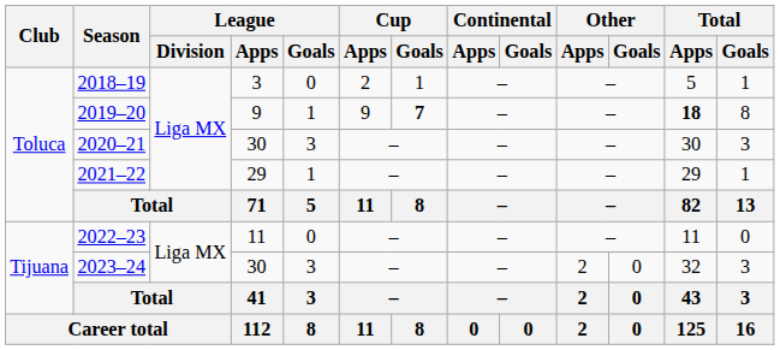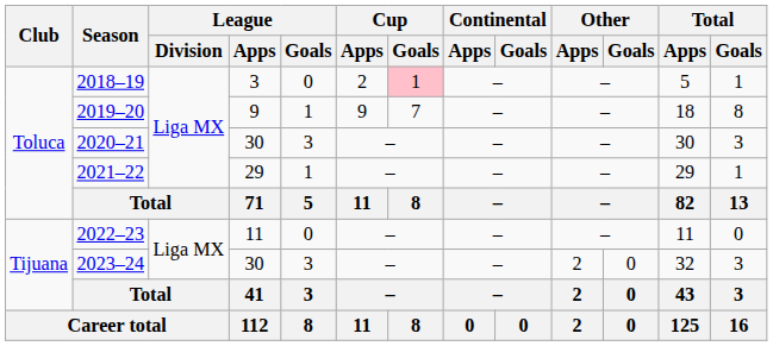 <table class="wikitable" style="text-align: center">
 <tr>
 <th rowspan="2">Club</th>
 <th rowspan="2">Season</th>
 <th colspan="3">League</th>
 <th colspan="2">Cup</th>
 <th colspan="2">Continental</th>
 <th colspan="2">Other</th>
 <th colspan="2">Total</th>
 </tr>
 <tr>
 <th>Division</th>
 <th>Apps</th>
 <th>Goals</th>
 <th>Apps</th>
 <th>Goals</th>
 <th>Apps</th>
 <th>Goals</th>
 <th>Apps</th>
 <th>Goals</th>
 <th>Apps</th>
 <th>Goals</th>
 </tr>
 <tr>
 <td rowspan="5"><a href='#'>Toluca</a></td>
 <td><a href='#'>2018–19</a></td>
 <td rowspan="4"><a href='#'>Liga MX</a></td>
 <td>3</td>
 <td>0</td>
 <td>2</td>
-<td>1</td>
+<td style="background: pink;">1</td>
 <td colspan="2">–</td>
 <td colspan=2>–</td>
 <td>5</td>
 <td>1</td>
 </tr>
 <tr>
 <td><a href='#'>2019–20</a></td>
 <td>9</td>
 <td>1</td>
 <td>9</td>
-<td><strong>7</strong></td>
+<td>7</td>
 <td colspan=2>–</td>
 <td colspan=2>–</td>
-<td><strong>18</strong></td>
+<td>18</td>
 <td>8</td>
 </tr>
 <tr>
 <td><a href='#'>2020–21</a></td>
 <td>30</td>
 <td>3</td>
 <td colspan=2>–</td>
 <td colspan=2>–</td>
 <td colspan=2>–</td>
 <td>30</td>
 <td>3</td>
 </tr>
 <tr>
 <td><a href='#'>2021–22</a></td>
 <td>29</td>
 <td>1</td>
 <td colspan=2>–</td>
 <td colspan=2>–</td>
 <td colspan=2>–</td>
 <td>29</td>
 <td>1</td>
 </tr>
 <tr>
 <th colspan="2">Total</th>
 <th>71</th>
 <th>5</th>
 <th>11</th>
 <th>8</th>
 <th colspan=2>–</th>
 <th colspan=2>–</th>
 <th>82</th>
 <th>13</th>
 </tr>
 <tr>
 <td rowspan="3"><a href='#'>Tijuana</a></td>
 <td><a href='#'>2022–23</a></td>
 <td rowspan="2">Liga MX</td>
 <td>11</td>
 <td>0</td>
 <td colspan="2">–</td>
 <td colspan="2">–</td>
 <td colspan=2>–</td>
 <td>11</td>
 <td>0</td>
 </tr>
 <tr>
 <td><a href='#'>2023–24</a></td>
 <td>30</td>
 <td>3</td>
 <td colspan=2>–</td>
 <td colspan=2>–</td>
 <td>2</td>
 <td>0</td>
 <td>32</td>
 <td>3</td>
 </tr>
 <tr>
 <th colspan="2">Total</th>
 <th>41</th>
 <th>3</th>
 <th colspan=2>–</th>
 <th colspan=2>–</th>
 <th>2</th>
 <th>0</th>
 <th>43</th>
 <th>3</th>
 </tr>
 <tr>
 <th colspan="3"><strong>Career total</strong></th>
 <th>112</th>
 <th>8</th>
 <th>11</th>
 <th>8</th>
 <th>0</th>
 <th>0</th>
 <th>2</th>
 <th>0</th>
 <th>125</th>
 <th>16</th>
 </tr>
 </table>
